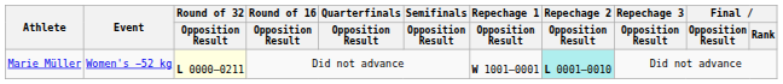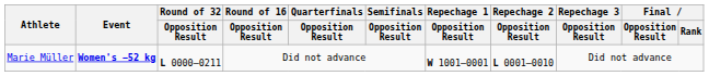 <table class="wikitable" style="font-size:90%">
 <tr>
 <th rowspan="2">Athlete</th>
 <th rowspan="2">Event</th>
 <th>Round of 32</th>
 <th>Round of 16</th>
 <th>Quarterfinals</th>
 <th>Semifinals</th>
 <th>Repechage 1</th>
 <th>Repechage 2</th>
 <th>Repechage 3</th>
 <th colspan=2>Final / </th>
 </tr>
 <tr style="font-size:95%">
 <th>Opposition<br>Result</th>
 <th>Opposition<br>Result</th>
 <th>Opposition<br>Result</th>
 <th>Opposition<br>Result</th>
 <th>Opposition<br>Result</th>
 <th>Opposition<br>Result</th>
 <th>Opposition<br>Result</th>
 <th>Opposition<br>Result</th>
 <th>Rank</th>
 </tr>
 <tr align=center>
 <td align=left><a href='#'>Marie Müller</a></td>
-<td align=left><a href='#'>Women's −52 kg</a></td>
-<td style="background: lightyellow;"><br><strong>L</strong> 0000–0211</td>
+<td align=left><strong><a href='#'>Women's −52 kg</a></strong></td>
+<td><br><strong>L</strong> 0000–0211</td>
 <td colspan=3>Did not advance</td>
 <td><br><strong>W</strong> 1001–0001</td>
-<td style="background: paleturquoise;"><br><strong>L</strong> 0001–0010</td>
+<td><br><strong>L</strong> 0001–0010</td>
 <td colspan=3>Did not advance</td>
 </tr>
 </table>
